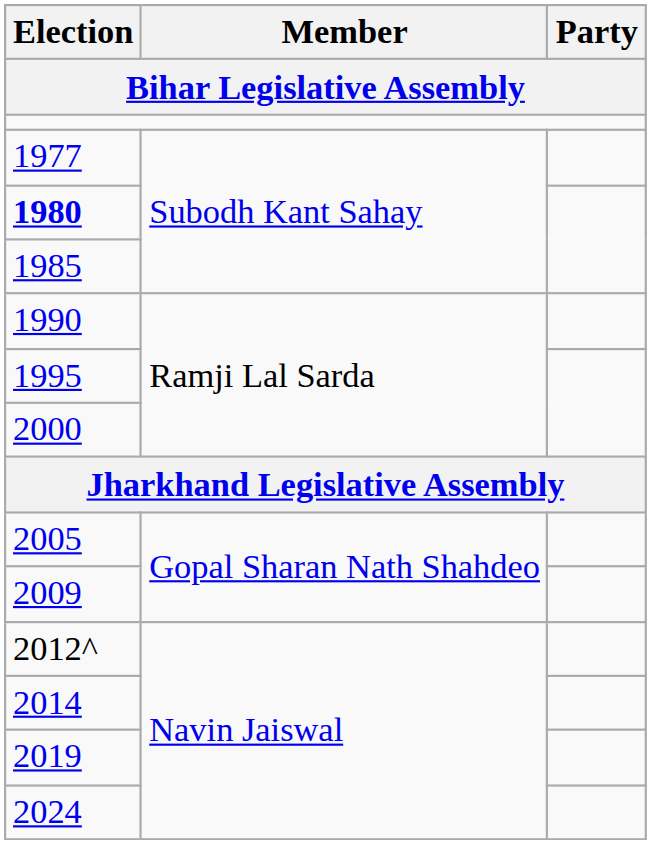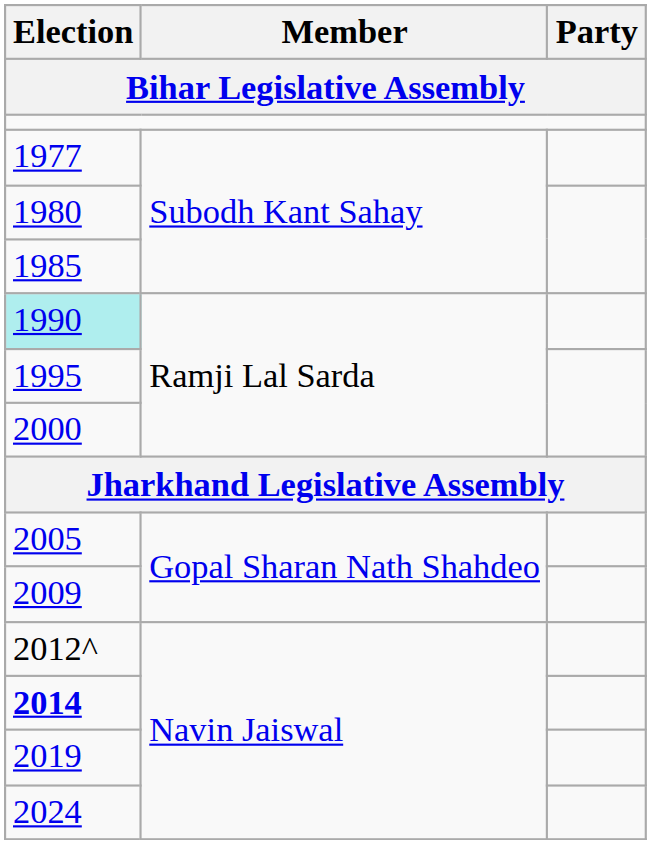 <table class="wikitable sortable">
 <tr>
 <th>Election</th>
 <th>Member</th>
 <th colspan=2>Party</th>
 </tr>
 <tr>
 <th colspan=4><a href='#'>Bihar Legislative Assembly</a></th>
 </tr>
 <tr>
 <td colspan="4"></td>
 </tr>
 <tr>
 <td><a href='#'>1977</a></td>
 <td rowspan="3"><a href='#'>Subodh Kant Sahay</a></td>
 <td></td>
 </tr>
 <tr>
-<td><strong><a href='#'>1980</a></strong></td>
+<td><a href='#'>1980</a></td>
 </tr>
 <tr>
 <td><a href='#'>1985</a></td>
 </tr>
 <tr>
-<td><a href='#'>1990</a></td>
+<td style="background: paleturquoise;"><a href='#'>1990</a></td>
 <td rowspan="3">Ramji Lal Sarda</td>
 <td></td>
 </tr>
 <tr>
 <td><a href='#'>1995</a></td>
 </tr>
 <tr>
 <td><a href='#'>2000</a></td>
 </tr>
 <tr>
 <th colspan=4><a href='#'>Jharkhand Legislative Assembly</a></th>
 </tr>
 <tr>
 <td><a href='#'>2005</a></td>
 <td rowspan="2"><a href='#'>Gopal Sharan Nath Shahdeo</a></td>
 <td></td>
 </tr>
 <tr>
 <td><a href='#'>2009</a></td>
 </tr>
 <tr>
 <td>2012^</td>
 <td rowspan="4"><a href='#'>Navin Jaiswal</a></td>
 <td></td>
 </tr>
 <tr>
-<td><a href='#'>2014</a></td>
+<td><strong><a href='#'>2014</a></strong></td>
 <td></td>
 </tr>
 <tr>
 <td><a href='#'>2019</a></td>
 <td></td>
 </tr>
 <tr>
 <td><a href='#'>2024</a></td>
 </tr>
 </table>
